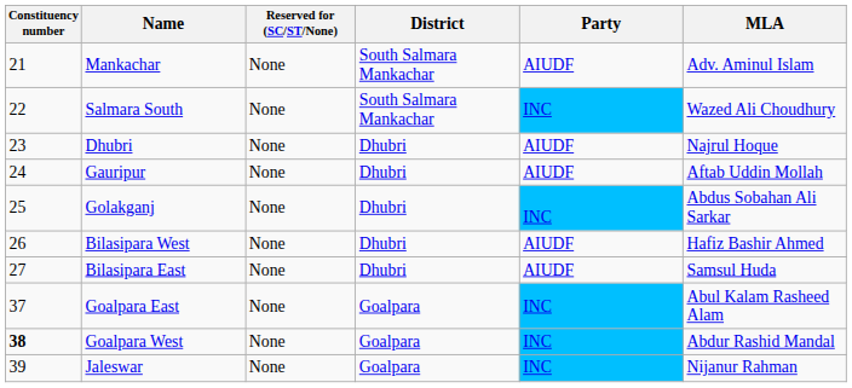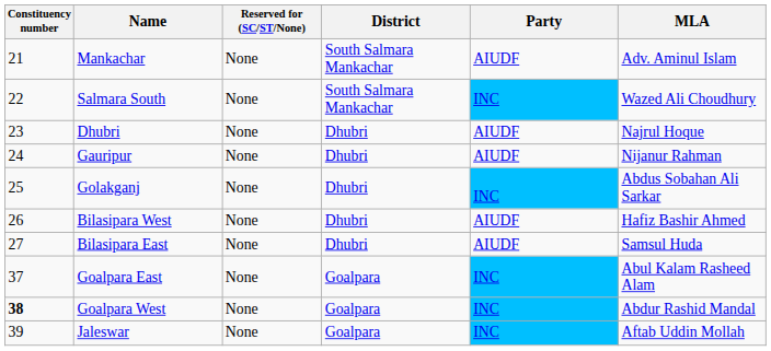 <table class="wikitable sortable">
 <tr>
 <th width="50px" style="font-size:75%">Constituency number</th>
 <th width="150px">Name</th>
 <th width="100px" style="font-size:75%">Reserved for (<a href='#'>SC</a>/<a href='#'>ST</a>/None)</th>
 <th width="150px">District</th>
 <th width="150px">Party</th>
 <th width="150px">MLA</th>
 </tr>
 <tr>
 <td>21</td>
 <td><a href='#'>Mankachar</a></td>
 <td>None</td>
 <td><a href='#'>South Salmara Mankachar</a></td>
 <td><a href='#'><span>AIUDF</span></a></td>
 <td><a href='#'>Adv. Aminul Islam</a></td>
 </tr>
 <tr>
 <td>22</td>
 <td><a href='#'>Salmara South</a></td>
 <td>None</td>
 <td><a href='#'>South Salmara Mankachar</a></td>
 <td bgcolor=#00BFFF><a href='#'>INC</a></td>
 <td><a href='#'>Wazed Ali Choudhury</a></td>
 </tr>
 <tr>
 <td>23</td>
 <td><a href='#'>Dhubri</a></td>
 <td>None</td>
 <td><a href='#'>Dhubri</a></td>
 <td><a href='#'><span>AIUDF</span></a></td>
 <td><a href='#'>Najrul Hoque</a></td>
 </tr>
 <tr>
 <td>24</td>
 <td><a href='#'>Gauripur</a></td>
 <td>None</td>
 <td><a href='#'>Dhubri</a></td>
 <td><a href='#'><span>AIUDF</span></a></td>
-<td><a href='#'>Aftab Uddin Mollah</a></td>
+<td><a href='#'>Nijanur Rahman</a></td>
 </tr>
 <tr>
 <td>25</td>
 <td><a href='#'>Golakganj</a></td>
 <td>None</td>
 <td><a href='#'>Dhubri</a></td>
 <td bgcolor=#00BFFF><br><a href='#'>INC</a></td>
 <td><a href='#'>Abdus Sobahan Ali Sarkar</a></td>
 </tr>
 <tr>
 <td>26</td>
 <td><a href='#'>Bilasipara West</a></td>
 <td>None</td>
 <td><a href='#'>Dhubri</a></td>
 <td><a href='#'><span>AIUDF</span></a></td>
 <td><a href='#'>Hafiz Bashir Ahmed</a></td>
 </tr>
 <tr>
 <td>27</td>
 <td><a href='#'>Bilasipara East</a></td>
 <td>None</td>
 <td><a href='#'>Dhubri</a></td>
 <td><a href='#'><span>AIUDF</span></a></td>
 <td><a href='#'>Samsul Huda</a></td>
 </tr>
 <tr>
 <td>37</td>
 <td><a href='#'>Goalpara East</a></td>
 <td>None</td>
 <td><a href='#'>Goalpara</a></td>
 <td bgcolor=#00BFFF><a href='#'>INC</a></td>
 <td><a href='#'>Abul Kalam Rasheed Alam</a></td>
 </tr>
 <tr>
 <td><strong>38</strong></td>
 <td><a href='#'>Goalpara West</a></td>
 <td>None</td>
 <td><a href='#'>Goalpara</a></td>
 <td bgcolor=#00BFFF><a href='#'>INC</a></td>
 <td><a href='#'>Abdur Rashid Mandal</a></td>
 </tr>
 <tr>
 <td>39</td>
 <td><a href='#'>Jaleswar</a></td>
 <td>None</td>
 <td><a href='#'>Goalpara</a></td>
 <td bgcolor=#00BFFF><a href='#'>INC</a></td>
-<td><a href='#'>Nijanur Rahman</a></td>
+<td><a href='#'>Aftab Uddin Mollah</a></td>
 </tr>
 </table>
